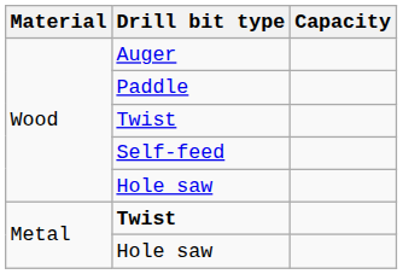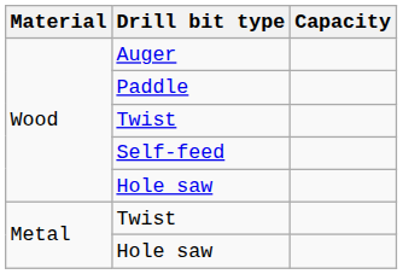 <table class="wikitable">
 <tr>
 <th>Material</th>
 <th>Drill bit type</th>
 <th>Capacity</th>
 </tr>
 <tr>
 <td rowspan="5">Wood</td>
 <td><a href='#'>Auger</a></td>
 <td></td>
 </tr>
 <tr>
 <td><a href='#'>Paddle</a></td>
 <td></td>
 </tr>
 <tr>
 <td><a href='#'>Twist</a></td>
 <td></td>
 </tr>
 <tr>
 <td><a href='#'>Self-feed</a></td>
 <td></td>
 </tr>
 <tr>
 <td><a href='#'>Hole saw</a></td>
 <td></td>
 </tr>
 <tr>
 <td rowspan="2">Metal</td>
-<td><strong>Twist</strong></td>
+<td>Twist</td>
 <td></td>
 </tr>
 <tr>
 <td>Hole saw</td>
 <td></td>
 </tr>
 </table>
